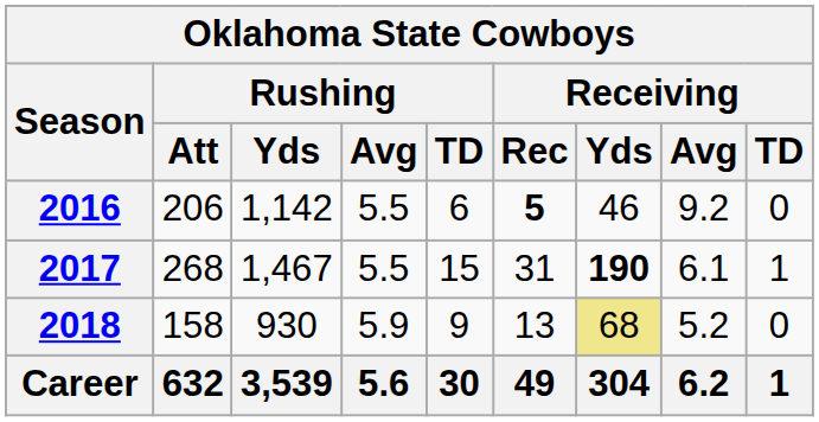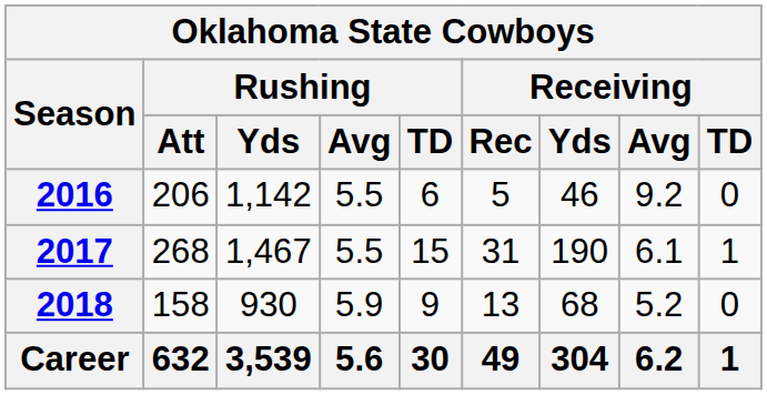 <table class="wikitable" style="text-align:center;">
 <tr>
 <th colspan="15">Oklahoma State Cowboys</th>
 </tr>
 <tr>
 <th rowspan="2">Season</th>
 <th colspan="4">Rushing</th>
 <th colspan="4">Receiving</th>
 </tr>
 <tr>
 <th>Att</th>
 <th>Yds</th>
 <th>Avg</th>
 <th>TD</th>
 <th>Rec</th>
 <th>Yds</th>
 <th>Avg</th>
 <th>TD</th>
 </tr>
 <tr>
 <th><a href='#'>2016</a></th>
 <td>206</td>
 <td>1,142</td>
 <td>5.5</td>
 <td>6</td>
-<td><strong>5</strong></td>
+<td>5</td>
 <td>46</td>
 <td>9.2</td>
 <td>0</td>
 </tr>
 <tr>
 <th><a href='#'>2017</a></th>
 <td>268</td>
 <td>1,467</td>
 <td>5.5</td>
 <td>15</td>
 <td>31</td>
-<td><strong>190</strong></td>
+<td>190</td>
 <td>6.1</td>
 <td>1</td>
 </tr>
 <tr>
 <th><a href='#'>2018</a></th>
 <td>158</td>
 <td>930</td>
 <td>5.9</td>
 <td>9</td>
 <td>13</td>
-<td style="background: khaki;">68</td>
+<td>68</td>
 <td>5.2</td>
 <td>0</td>
 </tr>
 <tr>
 <th>Career</th>
 <th>632</th>
 <th>3,539</th>
 <th>5.6</th>
 <th>30</th>
 <th>49</th>
 <th>304</th>
 <th>6.2</th>
 <th>1</th>
 </tr>
 </table>
